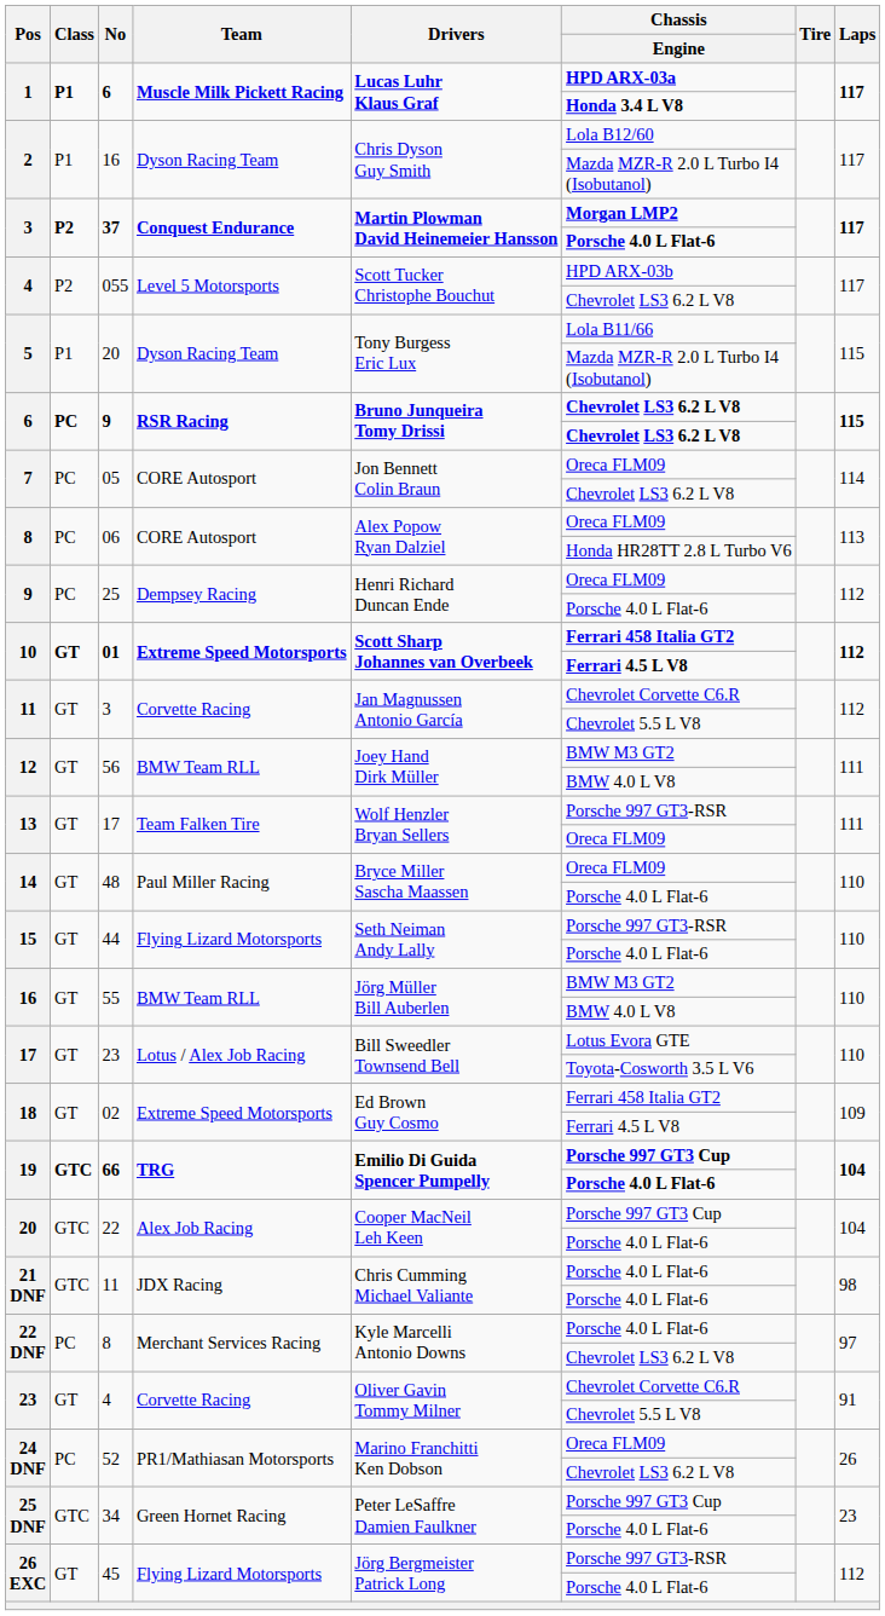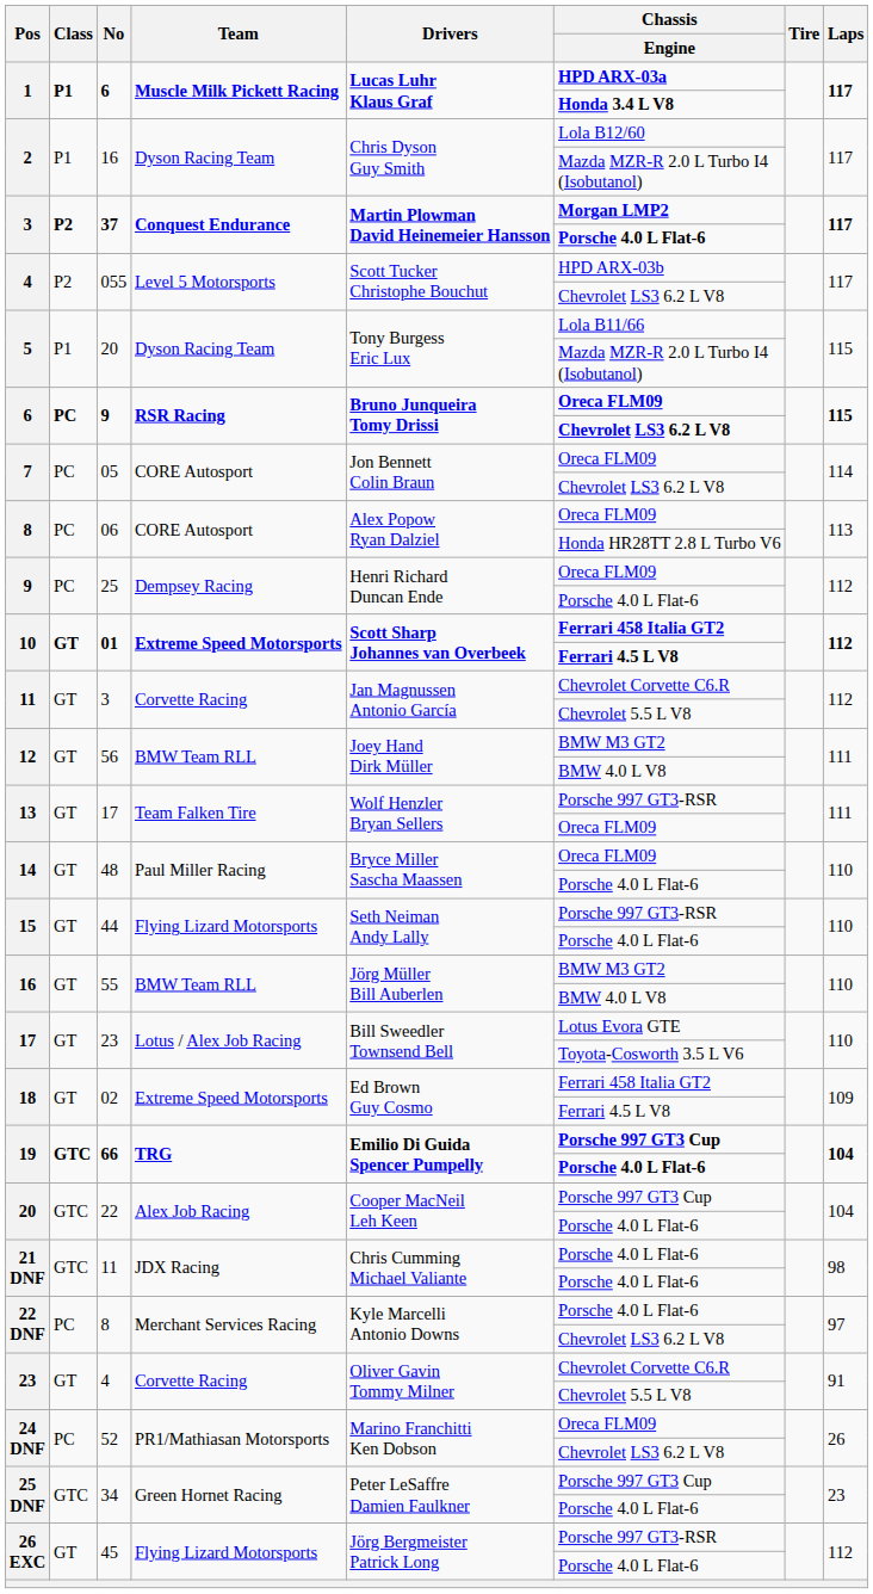 <table class="wikitable" style="font-size: 95%;">
 <tr>
 <th rowspan=2>Pos</th>
 <th rowspan=2>Class</th>
 <th rowspan=2>No</th>
 <th rowspan=2>Team</th>
 <th rowspan=2>Drivers</th>
 <th>Chassis</th>
 <th rowspan=2>Tire</th>
 <th rowspan=2>Laps</th>
 </tr>
 <tr>
 <th>Engine</th>
 </tr>
 <tr style="font-weight:bold">
 <th rowspan=2>1</th>
 <td rowspan=2>P1</td>
 <td rowspan=2>6</td>
 <td rowspan=2> <a href='#'>Muscle Milk Pickett Racing</a></td>
 <td rowspan=2> <a href='#'>Lucas Luhr</a><br> <a href='#'>Klaus Graf</a></td>
 <td><a href='#'>HPD ARX-03a</a></td>
 <td rowspan=2></td>
 <td rowspan=2>117</td>
 </tr>
 <tr style="font-weight:bold">
 <td><a href='#'>Honda</a> 3.4 L V8</td>
 </tr>
 <tr>
 <th rowspan=2>2</th>
 <td rowspan=2>P1</td>
 <td rowspan=2>16</td>
 <td rowspan=2> <a href='#'>Dyson Racing Team</a></td>
 <td rowspan=2> <a href='#'>Chris Dyson</a><br> <a href='#'>Guy Smith</a></td>
 <td><a href='#'>Lola B12/60</a></td>
 <td rowspan=2></td>
 <td rowspan=2>117</td>
 </tr>
 <tr>
 <td><a href='#'>Mazda</a> <a href='#'>MZR-R</a> 2.0 L Turbo I4<br>(<a href='#'>Isobutanol</a>)</td>
 </tr>
 <tr style="font-weight:bold">
 <th rowspan=2>3</th>
 <td rowspan=2>P2</td>
 <td rowspan=2>37</td>
 <td rowspan=2> <a href='#'>Conquest Endurance</a></td>
 <td rowspan=2> <a href='#'>Martin Plowman</a><br> <a href='#'>David Heinemeier Hansson</a></td>
 <td><a href='#'>Morgan LMP2</a></td>
 <td rowspan=2></td>
 <td rowspan=2>117</td>
 </tr>
 <tr style="font-weight:bold">
 <td><a href='#'>Porsche</a> 4.0 L Flat-6</td>
 </tr>
 <tr>
 <th rowspan=2>4</th>
 <td rowspan=2>P2</td>
 <td rowspan=2>055</td>
 <td rowspan=2> <a href='#'>Level 5 Motorsports</a></td>
 <td rowspan=2> <a href='#'>Scott Tucker</a><br> <a href='#'>Christophe Bouchut</a></td>
 <td><a href='#'>HPD ARX-03b</a></td>
 <td rowspan=2></td>
 <td rowspan=2>117</td>
 </tr>
 <tr>
 <td><a href='#'>Chevrolet</a> <a href='#'>LS3</a> 6.2 L V8</td>
 </tr>
 <tr>
 <th rowspan=2>5</th>
 <td rowspan=2>P1</td>
 <td rowspan=2>20</td>
 <td rowspan=2> <a href='#'>Dyson Racing Team</a></td>
 <td rowspan=2> Tony Burgess<br> <a href='#'>Eric Lux</a></td>
 <td><a href='#'>Lola B11/66</a></td>
 <td rowspan=2></td>
 <td rowspan=2>115</td>
 </tr>
 <tr>
 <td><a href='#'>Mazda</a> <a href='#'>MZR-R</a> 2.0 L Turbo I4<br>(<a href='#'>Isobutanol</a>)</td>
 </tr>
 <tr style="font-weight:bold">
 <th rowspan=2>6</th>
 <td rowspan=2>PC</td>
 <td rowspan=2>9</td>
 <td rowspan=2> <a href='#'>RSR Racing</a></td>
 <td rowspan=2> <a href='#'>Bruno Junqueira</a><br> <a href='#'>Tomy Drissi</a></td>
-<td><a href='#'>Chevrolet</a> <a href='#'>LS3</a> 6.2 L V8</td>
+<td><a href='#'>Oreca FLM09</a></td>
 <td rowspan=2></td>
 <td rowspan=2>115</td>
 </tr>
 <tr style="font-weight:bold">
 <td><a href='#'>Chevrolet</a> <a href='#'>LS3</a> 6.2 L V8</td>
 </tr>
 <tr>
 <th rowspan=2>7</th>
 <td rowspan=2>PC</td>
 <td rowspan=2>05</td>
 <td rowspan=2> CORE Autosport</td>
 <td rowspan=2> Jon Bennett<br> <a href='#'>Colin Braun</a></td>
 <td><a href='#'>Oreca FLM09</a></td>
 <td rowspan=2></td>
 <td rowspan=2>114</td>
 </tr>
 <tr>
 <td><a href='#'>Chevrolet</a> <a href='#'>LS3</a> 6.2 L V8</td>
 </tr>
 <tr>
 <th rowspan=2>8</th>
 <td rowspan=2>PC</td>
 <td rowspan=2>06</td>
 <td rowspan=2> CORE Autosport</td>
 <td rowspan=2> <a href='#'>Alex Popow</a><br> <a href='#'>Ryan Dalziel</a></td>
 <td><a href='#'>Oreca FLM09</a></td>
 <td rowspan=2></td>
 <td rowspan=2>113</td>
 </tr>
 <tr>
 <td><a href='#'>Honda</a> HR28TT 2.8 L Turbo V6</td>
 </tr>
 <tr>
 <th rowspan=2>9</th>
 <td rowspan=2>PC</td>
 <td rowspan=2>25</td>
 <td rowspan=2> <a href='#'>Dempsey Racing</a></td>
 <td rowspan=2> Henri Richard<br> Duncan Ende</td>
 <td><a href='#'>Oreca FLM09</a></td>
 <td rowspan=2></td>
 <td rowspan=2>112</td>
 </tr>
 <tr>
 <td><a href='#'>Porsche</a> 4.0 L Flat-6</td>
 </tr>
 <tr style="font-weight:bold">
 <th rowspan=2>10</th>
 <td rowspan=2>GT</td>
 <td rowspan=2>01</td>
 <td rowspan=2> <a href='#'>Extreme Speed Motorsports</a></td>
 <td rowspan=2> <a href='#'>Scott Sharp</a><br> <a href='#'>Johannes van Overbeek</a></td>
 <td><a href='#'>Ferrari 458 Italia GT2</a></td>
 <td rowspan=2></td>
 <td rowspan=2>112</td>
 </tr>
 <tr style="font-weight:bold">
 <td><a href='#'>Ferrari</a> 4.5 L V8</td>
 </tr>
 <tr>
 <th rowspan=2>11</th>
 <td rowspan=2>GT</td>
 <td rowspan=2>3</td>
 <td rowspan=2> <a href='#'>Corvette Racing</a></td>
 <td rowspan=2> <a href='#'>Jan Magnussen</a><br> <a href='#'>Antonio García</a></td>
 <td><a href='#'>Chevrolet Corvette C6.R</a></td>
 <td rowspan=2></td>
 <td rowspan=2>112</td>
 </tr>
 <tr>
 <td><a href='#'>Chevrolet</a> 5.5 L V8</td>
 </tr>
 <tr>
 <th rowspan=2>12</th>
 <td rowspan=2>GT</td>
 <td rowspan=2>56</td>
 <td rowspan=2> <a href='#'>BMW Team RLL</a></td>
 <td rowspan=2> <a href='#'>Joey Hand</a><br> <a href='#'>Dirk Müller</a></td>
 <td><a href='#'>BMW M3 GT2</a></td>
 <td rowspan=2></td>
 <td rowspan=2>111</td>
 </tr>
 <tr>
 <td><a href='#'>BMW</a> 4.0 L V8</td>
 </tr>
 <tr>
 <th rowspan=2>13</th>
 <td rowspan=2>GT</td>
 <td rowspan=2>17</td>
 <td rowspan=2> <a href='#'>Team Falken Tire</a></td>
 <td rowspan=2> <a href='#'>Wolf Henzler</a><br> <a href='#'>Bryan Sellers</a></td>
 <td><a href='#'>Porsche 997 GT3</a>-RSR</td>
 <td rowspan=2></td>
 <td rowspan=2>111</td>
 </tr>
 <tr>
 <td><a href='#'>Oreca FLM09</a></td>
 </tr>
 <tr>
 <th rowspan=2>14</th>
 <td rowspan=2>GT</td>
 <td rowspan=2>48</td>
 <td rowspan=2> Paul Miller Racing</td>
 <td rowspan=2> <a href='#'>Bryce Miller</a><br> <a href='#'>Sascha Maassen</a></td>
 <td><a href='#'>Oreca FLM09</a></td>
 <td rowspan=2></td>
 <td rowspan=2>110</td>
 </tr>
 <tr>
 <td><a href='#'>Porsche</a> 4.0 L Flat-6</td>
 </tr>
 <tr>
 <th rowspan=2>15</th>
 <td rowspan=2>GT</td>
 <td rowspan=2>44</td>
 <td rowspan=2> <a href='#'>Flying Lizard Motorsports</a></td>
 <td rowspan=2> <a href='#'>Seth Neiman</a><br> <a href='#'>Andy Lally</a></td>
 <td><a href='#'>Porsche 997 GT3</a>-RSR</td>
 <td rowspan=2></td>
 <td rowspan=2>110</td>
 </tr>
 <tr>
 <td><a href='#'>Porsche</a> 4.0 L Flat-6</td>
 </tr>
 <tr>
 <th rowspan=2>16</th>
 <td rowspan=2>GT</td>
 <td rowspan=2>55</td>
 <td rowspan=2> <a href='#'>BMW Team RLL</a></td>
 <td rowspan=2> <a href='#'>Jörg Müller</a><br> <a href='#'>Bill Auberlen</a></td>
 <td><a href='#'>BMW M3 GT2</a></td>
 <td rowspan=2></td>
 <td rowspan=2>110</td>
 </tr>
 <tr>
 <td><a href='#'>BMW</a> 4.0 L V8</td>
 </tr>
 <tr>
 <th rowspan=2>17</th>
 <td rowspan=2>GT</td>
 <td rowspan=2>23</td>
 <td rowspan=2> <a href='#'>Lotus</a> / <a href='#'>Alex Job Racing</a></td>
 <td rowspan=2> Bill Sweedler<br> <a href='#'>Townsend Bell</a></td>
 <td><a href='#'>Lotus Evora</a> GTE</td>
 <td rowspan=2></td>
 <td rowspan=2>110</td>
 </tr>
 <tr>
 <td><a href='#'>Toyota</a>-<a href='#'>Cosworth</a> 3.5 L V6</td>
 </tr>
 <tr>
 <th rowspan=2>18</th>
 <td rowspan=2>GT</td>
 <td rowspan=2>02</td>
 <td rowspan=2> <a href='#'>Extreme Speed Motorsports</a></td>
 <td rowspan=2> Ed Brown<br> <a href='#'>Guy Cosmo</a></td>
 <td><a href='#'>Ferrari 458 Italia GT2</a></td>
 <td rowspan=2></td>
 <td rowspan=2>109</td>
 </tr>
 <tr>
 <td><a href='#'>Ferrari</a> 4.5 L V8</td>
 </tr>
 <tr style="font-weight:bold">
 <th rowspan=2>19</th>
 <td rowspan=2>GTC</td>
 <td rowspan=2>66</td>
 <td rowspan=2> <a href='#'>TRG</a></td>
 <td rowspan=2> Emilio Di Guida<br> <a href='#'>Spencer Pumpelly</a></td>
 <td><a href='#'>Porsche 997 GT3</a> Cup</td>
 <td rowspan=2></td>
 <td rowspan=2>104</td>
 </tr>
 <tr style="font-weight:bold">
 <td><a href='#'>Porsche</a> 4.0 L Flat-6</td>
 </tr>
 <tr>
 <th rowspan=2>20</th>
 <td rowspan=2>GTC</td>
 <td rowspan=2>22</td>
 <td rowspan=2> <a href='#'>Alex Job Racing</a></td>
 <td rowspan=2> <a href='#'>Cooper MacNeil</a><br> <a href='#'>Leh Keen</a></td>
 <td><a href='#'>Porsche 997 GT3</a> Cup</td>
 <td rowspan=2></td>
 <td rowspan=2>104</td>
 </tr>
 <tr>
 <td><a href='#'>Porsche</a> 4.0 L Flat-6</td>
 </tr>
 <tr>
 <th rowspan=2>21<br>DNF</th>
 <td rowspan=2>GTC</td>
 <td rowspan=2>11</td>
 <td rowspan=2> JDX Racing</td>
 <td rowspan=2> Chris Cumming<br> <a href='#'>Michael Valiante</a></td>
 <td><a href='#'>Porsche</a> 4.0 L Flat-6</td>
 <td rowspan=2></td>
 <td rowspan=2>98</td>
 </tr>
 <tr>
 <td><a href='#'>Porsche</a> 4.0 L Flat-6</td>
 </tr>
 <tr>
 <th rowspan=2>22<br>DNF</th>
 <td rowspan=2>PC</td>
 <td rowspan=2>8</td>
 <td rowspan=2> Merchant Services Racing</td>
 <td rowspan=2> Kyle Marcelli<br> Antonio Downs</td>
 <td><a href='#'>Porsche</a> 4.0 L Flat-6</td>
 <td rowspan=2></td>
 <td rowspan=2>97</td>
 </tr>
 <tr>
 <td><a href='#'>Chevrolet</a> <a href='#'>LS3</a> 6.2 L V8</td>
 </tr>
 <tr>
 <th rowspan=2>23</th>
 <td rowspan=2>GT</td>
 <td rowspan=2>4</td>
 <td rowspan=2> <a href='#'>Corvette Racing</a></td>
 <td rowspan=2> <a href='#'>Oliver Gavin</a><br> <a href='#'>Tommy Milner</a></td>
 <td><a href='#'>Chevrolet Corvette C6.R</a></td>
 <td rowspan=2></td>
 <td rowspan=2>91</td>
 </tr>
 <tr>
 <td><a href='#'>Chevrolet</a> 5.5 L V8</td>
 </tr>
 <tr>
 <th rowspan=2>24<br>DNF</th>
 <td rowspan=2>PC</td>
 <td rowspan=2>52</td>
 <td rowspan=2> PR1/Mathiasan Motorsports</td>
 <td rowspan=2> <a href='#'>Marino Franchitti</a><br> Ken Dobson</td>
 <td><a href='#'>Oreca FLM09</a></td>
 <td rowspan=2></td>
 <td rowspan=2>26</td>
 </tr>
 <tr>
 <td><a href='#'>Chevrolet</a> <a href='#'>LS3</a> 6.2 L V8</td>
 </tr>
 <tr>
 <th rowspan=2>25<br>DNF</th>
 <td rowspan=2>GTC</td>
 <td rowspan=2>34</td>
 <td rowspan=2> Green Hornet Racing</td>
 <td rowspan=2> Peter LeSaffre<br> <a href='#'>Damien Faulkner</a></td>
 <td><a href='#'>Porsche 997 GT3</a> Cup</td>
 <td rowspan=2></td>
 <td rowspan=2>23</td>
 </tr>
 <tr>
 <td><a href='#'>Porsche</a> 4.0 L Flat-6</td>
 </tr>
 <tr>
 <th rowspan=2>26<br>EXC</th>
 <td rowspan=2>GT</td>
 <td rowspan=2>45</td>
 <td rowspan=2> <a href='#'>Flying Lizard Motorsports</a></td>
 <td rowspan=2> <a href='#'>Jörg Bergmeister</a><br> <a href='#'>Patrick Long</a></td>
 <td><a href='#'>Porsche 997 GT3</a>-RSR</td>
 <td rowspan=2></td>
 <td rowspan=2>112</td>
 </tr>
 <tr>
 <td><a href='#'>Porsche</a> 4.0 L Flat-6</td>
 </tr>
 <tr>
 <th colspan=9> </th>
 </tr>
 </table>
